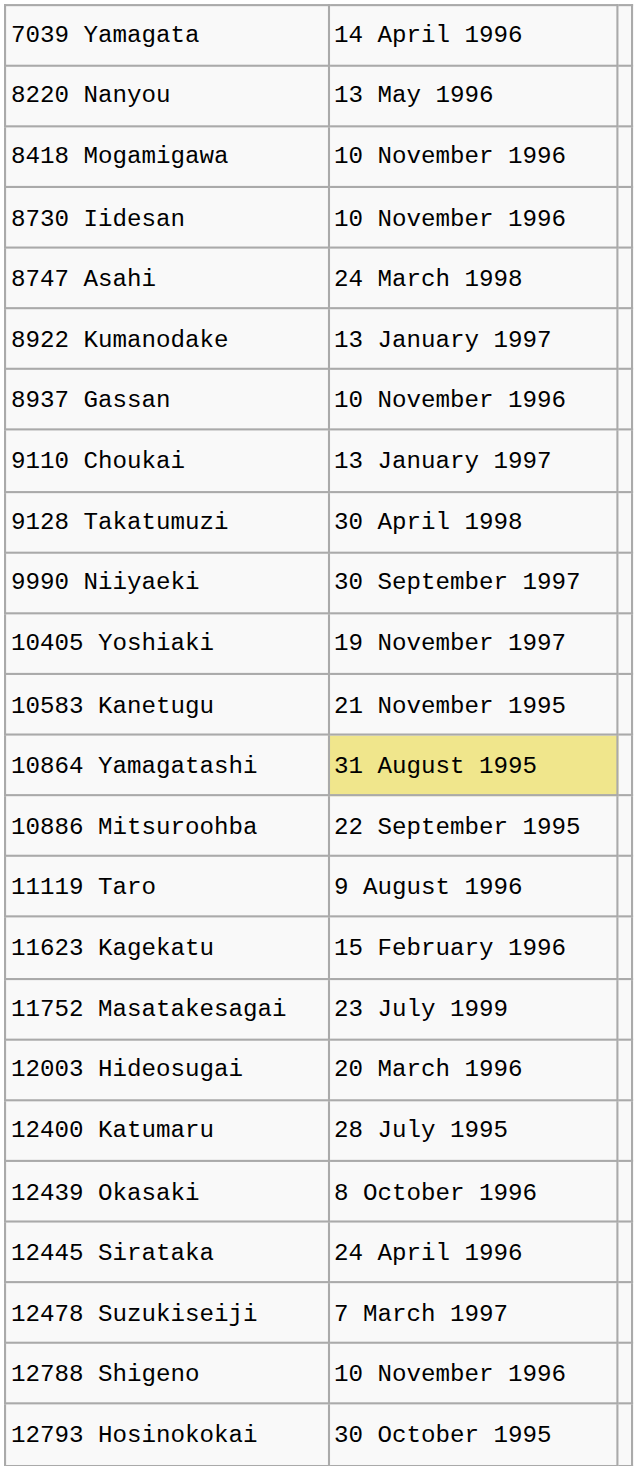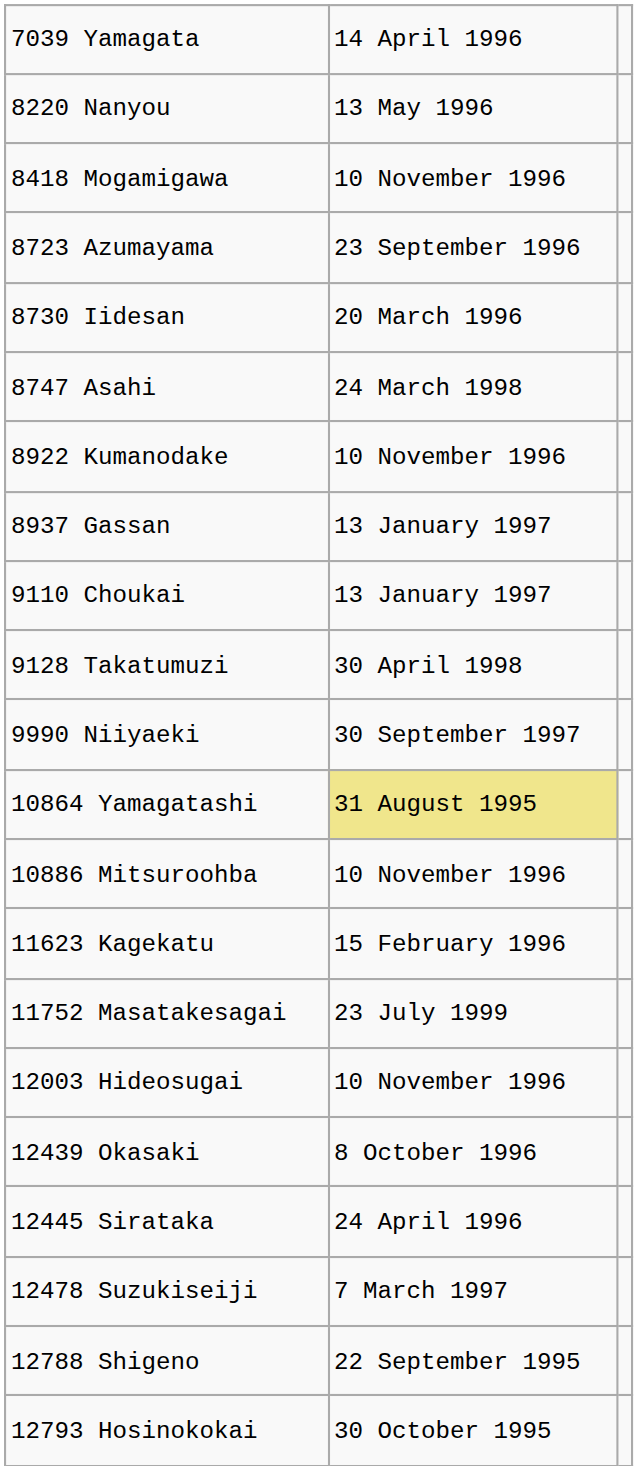 <table class="wikitable" style="font-size: 89%; float: left; width: 26em; margin-right: 1em; height: 700px;">
 <tr>
 <td>7039 Yamagata</td>
 <td>14 April 1996</td>
 <td></td>
 </tr>
 <tr>
 <td>8220 Nanyou</td>
 <td>13 May 1996</td>
 <td></td>
 </tr>
 <tr>
 <td>8418 Mogamigawa</td>
 <td>10 November 1996</td>
 <td></td>
 </tr>
 <tr>
+<td>8723 Azumayama</td>
+<td>23 September 1996</td>
+<td></td>
+</tr>
+<tr>
 <td>8730 Iidesan</td>
-<td>10 November 1996</td>
+<td>20 March 1996</td>
 <td></td>
 </tr>
 <tr>
 <td>8747 Asahi</td>
 <td>24 March 1998</td>
 <td></td>
 </tr>
 <tr>
 <td>8922 Kumanodake</td>
-<td>13 January 1997</td>
+<td>10 November 1996</td>
 <td></td>
 </tr>
 <tr>
 <td>8937 Gassan</td>
-<td>10 November 1996</td>
+<td>13 January 1997</td>
 <td></td>
 </tr>
 <tr>
 <td>9110 Choukai</td>
 <td>13 January 1997</td>
 <td></td>
 </tr>
 <tr>
 <td>9128 Takatumuzi</td>
 <td>30 April 1998</td>
 <td></td>
 </tr>
 <tr>
 <td>9990 Niiyaeki</td>
 <td>30 September 1997</td>
 <td></td>
 </tr>
 <tr>
-<td>10405 Yoshiaki</td>
-<td>19 November 1997</td>
-<td></td>
-</tr>
-<tr>
-<td>10583 Kanetugu</td>
-<td>21 November 1995</td>
-<td></td>
-</tr>
-<tr>
 <td>10864 Yamagatashi</td>
 <td style="background: khaki;">31 August 1995</td>
 <td></td>
 </tr>
 <tr>
 <td>10886 Mitsuroohba</td>
-<td>22 September 1995</td>
-<td></td>
-</tr>
-<tr>
-<td>11119 Taro</td>
-<td>9 August 1996</td>
+<td>10 November 1996</td>
 <td></td>
 </tr>
 <tr>
 <td>11623 Kagekatu</td>
 <td>15 February 1996</td>
 <td></td>
 </tr>
 <tr>
 <td>11752 Masatakesagai</td>
 <td>23 July 1999</td>
 <td></td>
 </tr>
 <tr>
 <td>12003 Hideosugai</td>
-<td>20 March 1996</td>
-<td></td>
-</tr>
-<tr>
-<td>12400 Katumaru</td>
-<td>28 July 1995</td>
+<td>10 November 1996</td>
 <td></td>
 </tr>
 <tr>
 <td>12439 Okasaki</td>
 <td>8 October 1996</td>
 <td></td>
 </tr>
 <tr>
 <td>12445 Sirataka</td>
 <td>24 April 1996</td>
 <td></td>
 </tr>
 <tr>
 <td>12478 Suzukiseiji</td>
 <td>7 March 1997</td>
 <td></td>
 </tr>
 <tr>
 <td>12788 Shigeno</td>
-<td>10 November 1996</td>
+<td>22 September 1995</td>
 <td></td>
 </tr>
 <tr>
 <td>12793 Hosinokokai</td>
 <td>30 October 1995</td>
 <td></td>
 </tr>
 </table>
